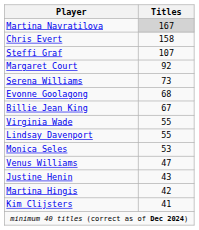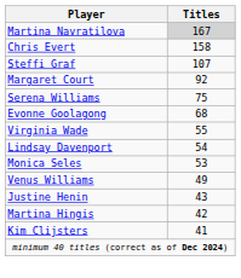 <table class="wikitable" style="text-align:center; display:inline-table;">
 <tr>
 <th style="width:200px">Player</th>
 <th style="width:80px">Titles</th>
 </tr>
 <tr>
 <td style="text-align:left"> <a href='#'>Martina Navratilova</a></td>
 <td style="background: lightgrey;">167</td>
 </tr>
 <tr>
 <td style="text-align:left"> <a href='#'>Chris Evert</a></td>
 <td>158</td>
 </tr>
 <tr>
 <td style="text-align:left"> <a href='#'>Steffi Graf</a></td>
 <td>107</td>
 </tr>
 <tr>
 <td style="text-align:left"> <a href='#'>Margaret Court</a></td>
 <td>92</td>
 </tr>
 <tr>
 <td style="text-align:left"> <a href='#'>Serena Williams</a></td>
-<td>73</td>
+<td>75</td>
 </tr>
 <tr>
 <td style="text-align:left"> <a href='#'>Evonne Goolagong</a></td>
 <td>68</td>
-</tr>
-<tr>
-<td style="text-align:left"> <a href='#'>Billie Jean King</a></td>
-<td>67</td>
 </tr>
 <tr>
 <td style="text-align:left"> <a href='#'>Virginia Wade</a></td>
 <td>55</td>
 </tr>
 <tr>
 <td style="text-align:left"> <a href='#'>Lindsay Davenport</a></td>
-<td>55</td>
+<td>54</td>
 </tr>
 <tr>
 <td style="text-align:left"> <a href='#'>Monica Seles</a></td>
 <td>53</td>
 </tr>
 <tr>
 <td style="text-align:left"> <a href='#'>Venus Williams</a></td>
-<td>47</td>
+<td>49</td>
 </tr>
 <tr>
 <td style="text-align:left"> <a href='#'>Justine Henin</a></td>
 <td>43</td>
 </tr>
 <tr>
 <td style="text-align:left"> <a href='#'>Martina Hingis</a></td>
 <td>42</td>
 </tr>
 <tr>
 <td style="text-align:left"> <a href='#'>Kim Clijsters</a></td>
 <td>41</td>
 </tr>
 <tr>
 <td colspan=2 style="text-align: center;"><small><em>minimum 40 titles</em> (correct as of <strong>Dec 2024</strong>)</small></td>
 </tr>
 </table>
